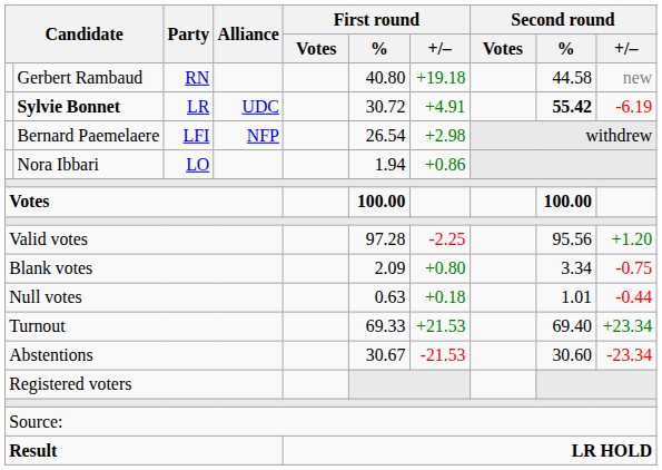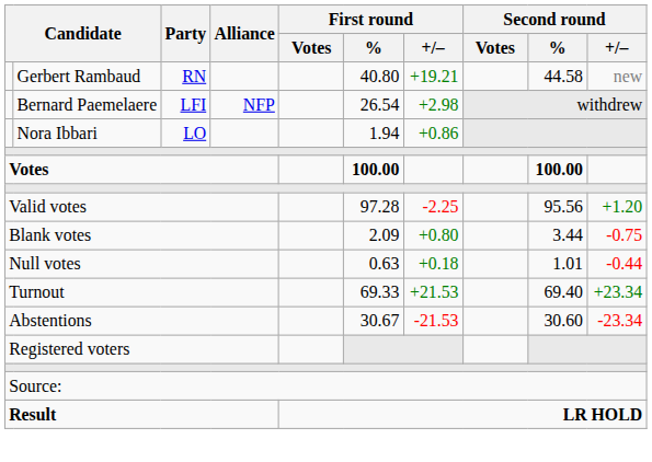 <table class="wikitable" style="text-align:right;font-size:95%;">
 <tr>
 <th rowspan="2" colspan="2">Candidate</th>
 <th colspan="1" rowspan="2">Party</th>
 <th colspan="1" rowspan="2">Alliance</th>
 <th colspan="3">First round</th>
 <th colspan="3">Second round</th>
 </tr>
 <tr>
 <th style="width:50px;">Votes</th>
 <th style="width:45px;">%</th>
 <th style="width:45px;">+/–</th>
 <th style="width:50px;">Votes</th>
 <th style="width:45px;">%</th>
 <th style="width:45px;">+/–</th>
 </tr>
 <tr>
 <td style="color:inherit;background:"></td>
 <td style="text-align:left;">Gerbert Rambaud</td>
 <td><a href='#'>RN</a></td>
 <td></td>
 <td></td>
 <td>40.80</td>
-<td style="color:green;">+19.18</td>
+<td style="color:green;">+19.21</td>
 <td></td>
 <td>44.58</td>
 <td style="color:grey;">new</td>
-</tr>
-<tr>
-<td style="color:inherit;background:"></td>
-<td style="text-align:left;"><strong>Sylvie Bonnet</strong></td>
-<td><a href='#'>LR</a></td>
-<td><a href='#'>UDC</a></td>
-<td></td>
-<td>30.72</td>
-<td style="color:green;">+4.91</td>
-<td><strong></strong></td>
-<td><strong>55.42</strong></td>
-<td style="color:red;">-6.19</td>
 </tr>
 <tr>
 <td style="color:inherit;background:"></td>
 <td style="text-align:left;">Bernard Paemelaere</td>
 <td><a href='#'>LFI</a></td>
 <td><a href='#'>NFP</a></td>
 <td></td>
 <td>26.54</td>
 <td style="color:green;">+2.98</td>
 <td colspan="3" style="background:#E9E9E9;">withdrew</td>
 </tr>
 <tr>
 <td style="color:inherit;background:"></td>
 <td style="text-align:left;">Nora Ibbari</td>
 <td><a href='#'>LO</a></td>
 <td></td>
 <td></td>
 <td>1.94</td>
 <td style="color:green;">+0.86</td>
 <td colspan="3" style="background:#E9E9E9;"></td>
 </tr>
 <tr>
 <td colspan="10" style="background:#E9E9E9;"></td>
 </tr>
 <tr style="font-weight:bold;">
 <td colspan="4" style="text-align:left;">Votes</td>
 <td></td>
 <td>100.00</td>
 <td></td>
 <td></td>
 <td>100.00</td>
 <td></td>
 </tr>
 <tr>
 <td colspan="10" style="background:#E9E9E9;"></td>
 </tr>
 <tr>
 <td colspan="4" style="text-align:left;">Valid votes</td>
 <td></td>
 <td>97.28</td>
 <td style="color:red;">-2.25</td>
 <td></td>
 <td>95.56</td>
 <td style="color:green;">+1.20</td>
 </tr>
 <tr>
 <td colspan="4" style="text-align:left;">Blank votes</td>
 <td></td>
 <td>2.09</td>
 <td style="color:green;">+0.80</td>
 <td></td>
-<td>3.34</td>
+<td>3.44</td>
 <td style="color:red;">-0.75</td>
 </tr>
 <tr>
 <td colspan="4" style="text-align:left;">Null votes</td>
 <td></td>
 <td>0.63</td>
 <td style="color:green;">+0.18</td>
 <td></td>
 <td>1.01</td>
 <td style="color:red;">-0.44</td>
 </tr>
 <tr>
 <td colspan="4" style="text-align:left;">Turnout</td>
 <td></td>
 <td>69.33</td>
 <td style="color:green;">+21.53</td>
 <td></td>
 <td>69.40</td>
 <td style="color:green;">+23.34</td>
 </tr>
 <tr>
 <td colspan="4" style="text-align:left;">Abstentions</td>
 <td></td>
 <td>30.67</td>
 <td style="color:red;">-21.53</td>
 <td></td>
 <td>30.60</td>
 <td style="color:red;">-23.34</td>
 </tr>
 <tr>
 <td colspan="4" style="text-align:left;">Registered voters</td>
 <td></td>
 <td colspan="2" style="background:#E9E9E9;"></td>
 <td></td>
 <td colspan="2" style="background:#E9E9E9;"></td>
 </tr>
 <tr>
 <td colspan="10" style="background:#E9E9E9;"></td>
 </tr>
 <tr>
 <td colspan="10" style="text-align:left;">Source: </td>
 </tr>
 <tr style="font-weight:bold">
 <td colspan="4" style="text-align:left;">Result</td>
 <td colspan="6" style="background-color:">LR HOLD</td>
 </tr>
 </table>
